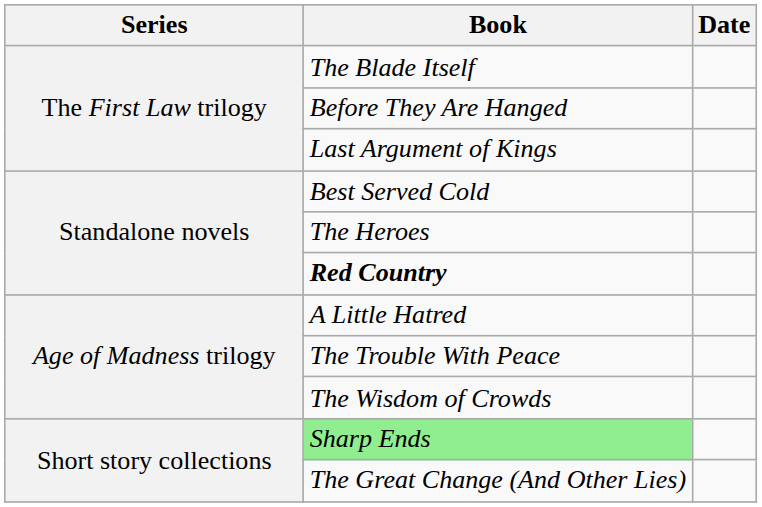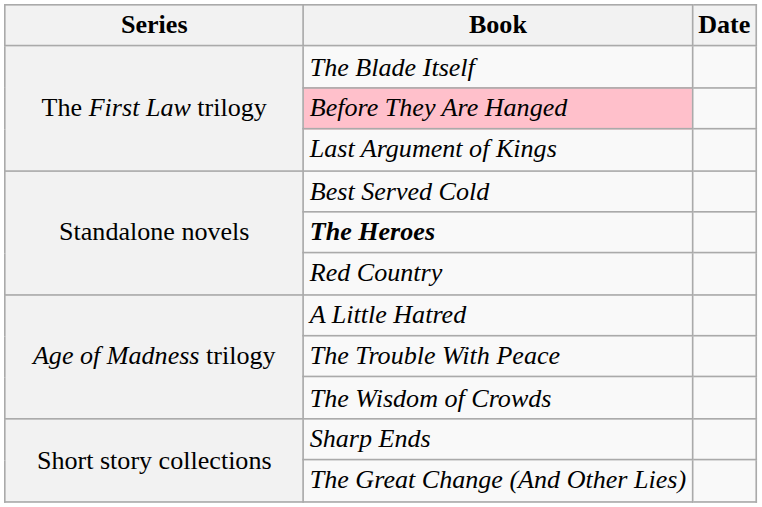 <table class="wikitable sortable" style="border: none">
 <tr>
 <th scope=col style="min-width: 11em">Series</th>
 <th scope=col style="min-width: 12em">Book</th>
 <th scope=col>Date</th>
 </tr>
 <tr>
 <th scope=row style="font-weight: normal" rowspan=3>The <em>First Law</em> trilogy</th>
 <td><em>The Blade Itself</em></td>
 <td></td>
 </tr>
 <tr>
-<td><em>Before They Are Hanged</em></td>
+<td style="background: pink;"><em>Before They Are Hanged</em></td>
 <td></td>
 </tr>
 <tr>
 <td><em>Last Argument of Kings</em></td>
 <td></td>
 </tr>
 <tr>
 <th scope=row style="font-weight: normal" rowspan=3>Standalone novels</th>
 <td><em>Best Served Cold</em></td>
 <td></td>
 </tr>
 <tr>
-<td><em>The Heroes</em></td>
+<td><strong><em>The Heroes</em></strong></td>
 <td></td>
 </tr>
 <tr>
-<td><strong><em>Red Country</em></strong></td>
+<td><em>Red Country</em></td>
 <td></td>
 </tr>
 <tr>
 <th scope=row style="font-weight: normal" rowspan=3><em>Age of Madness</em> trilogy</th>
 <td><em>A Little Hatred</em></td>
 <td></td>
 </tr>
 <tr>
 <td><em>The Trouble With Peace</em></td>
 <td></td>
 </tr>
 <tr>
 <td><em>The Wisdom of Crowds</em></td>
 <td></td>
 </tr>
 <tr>
 <th scope=row style="font-weight: normal" rowspan=2>Short story collections</th>
-<td style="background: lightgreen;"><em>Sharp Ends</em></td>
+<td><em>Sharp Ends</em></td>
 <td></td>
 </tr>
 <tr>
 <td><em>The Great Change (And Other Lies)</em></td>
 <td></td>
 </tr>
 </table>
